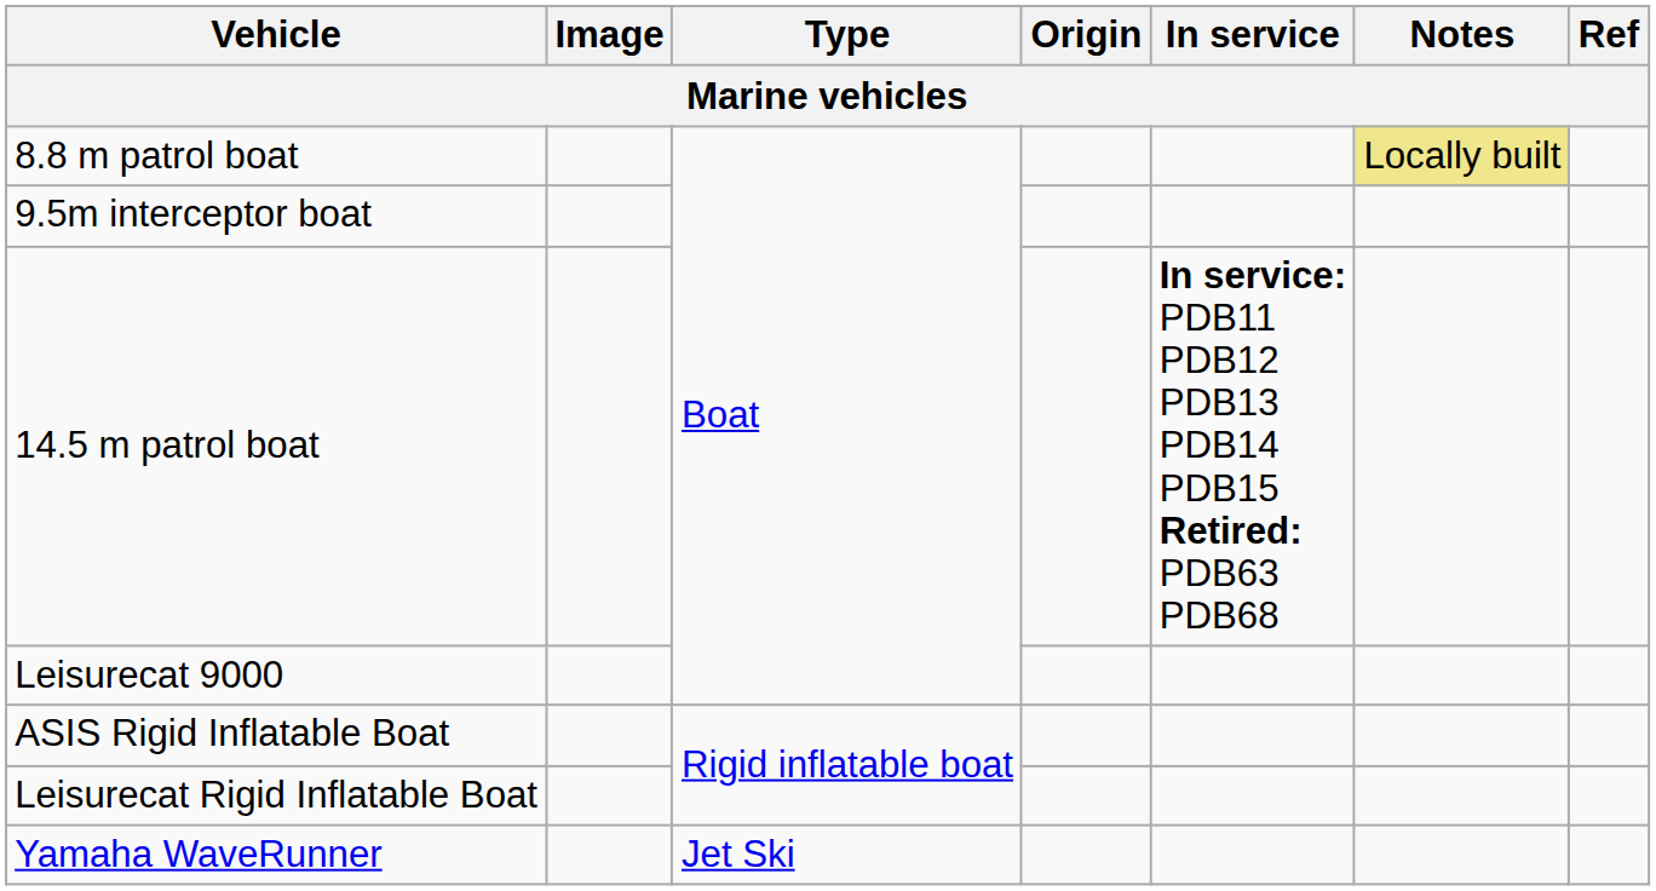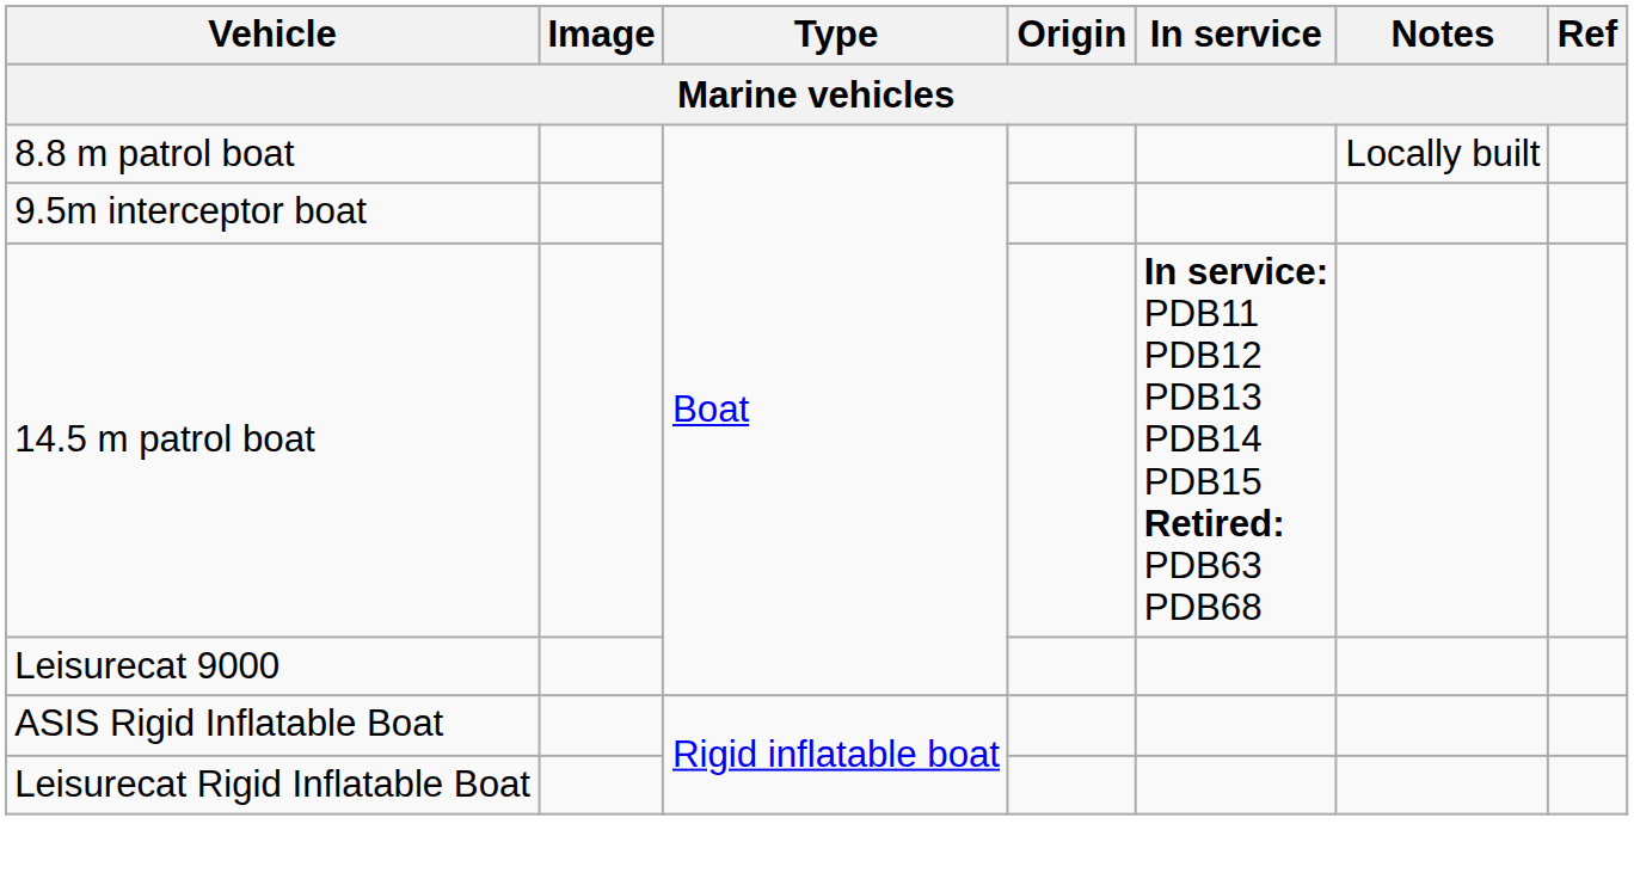 <table class="wikitable">
 <tr>
 <th>Vehicle</th>
 <th>Image</th>
 <th>Type</th>
 <th>Origin</th>
 <th>In service</th>
 <th>Notes</th>
 <th>Ref</th>
 </tr>
 <tr>
 <th colspan="7" style="align: center;">Marine vehicles</th>
 </tr>
 <tr>
 <td>8.8 m patrol boat</td>
 <td></td>
 <td rowspan="4"><a href='#'>Boat</a></td>
 <td></td>
 <td></td>
-<td style="background: khaki;">Locally built</td>
+<td>Locally built</td>
 <td></td>
 </tr>
 <tr>
 <td>9.5m interceptor boat</td>
 <td></td>
 <td></td>
 <td></td>
 <td></td>
 <td></td>
 </tr>
 <tr>
 <td>14.5 m patrol boat</td>
 <td></td>
 <td></td>
 <td><strong>In service:</strong><br>PDB11<br>PDB12<br>PDB13<br>PDB14<br>PDB15<br><strong>Retired:</strong><br>PDB63<br>PDB68</td>
 <td></td>
 <td></td>
 </tr>
 <tr>
 <td>Leisurecat 9000</td>
 <td></td>
 <td></td>
 <td></td>
 <td></td>
 <td></td>
 </tr>
 <tr>
 <td>ASIS Rigid Inflatable Boat</td>
 <td></td>
 <td rowspan="2"><a href='#'>Rigid inflatable boat</a></td>
 <td></td>
 <td></td>
 <td></td>
 <td></td>
 </tr>
 <tr>
 <td>Leisurecat Rigid Inflatable Boat</td>
 <td></td>
 <td></td>
 <td></td>
 <td></td>
 <td></td>
 </tr>
-<tr>
-<td><a href='#'>Yamaha WaveRunner</a></td>
-<td></td>
-<td><a href='#'>Jet Ski</a></td>
-<td></td>
-<td></td>
-<td></td>
-<td></td>
-</tr>
 </table>
